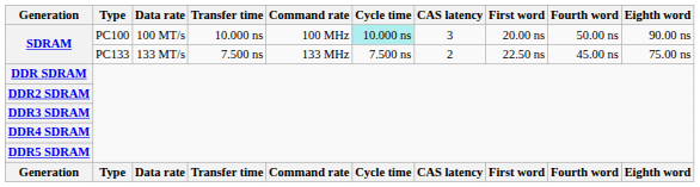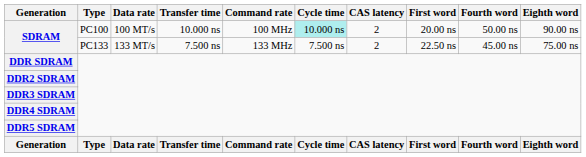 <table class="wikitable sortable">
 <tr>
 <th scope="col">Generation</th>
 <th scope="col">Type</th>
 <th scope="col" data-sort-type="number">Data rate</th>
 <th scope="col" data-sort-type="number">Transfer time</th>
 <th scope="col" data-sort-type="number">Command rate</th>
 <th scope="col" data-sort-type="number">Cycle time</th>
 <th scope="col">CAS latency</th>
 <th scope="col" data-sort-type="number">First word</th>
 <th scope="col" data-sort-type="number">Fourth word</th>
 <th scope="col" data-sort-type="number">Eighth word</th>
 </tr>
 <tr>
 <th scope="row" rowspan="2"><a href='#'>SDRAM</a> </th>
 <td>PC100</td>
 <td align=right>100 MT/s</td>
 <td align=right>10.000 ns</td>
 <td align=right>100 MHz</td>
 <td align=right style="background: paleturquoise;">10.000 ns</td>
-<td align=center>3</td>
+<td align=center>2</td>
 <td align=right>20.00 ns</td>
 <td align=right>50.00 ns</td>
 <td align=right>90.00 ns</td>
 </tr>
 <tr>
 <td>PC133</td>
 <td align=right>133 MT/s</td>
 <td align=right>7.500 ns</td>
 <td align=right>133 MHz</td>
 <td align=right>7.500 ns</td>
 <td align=center>2</td>
 <td align=right>22.50 ns</td>
 <td align=right>45.00 ns</td>
 <td align=right>75.00 ns</td>
 </tr>
 <tr>
 <th scope="row" rowspan="4"><a href='#'>DDR SDRAM</a><br> </th>
 </tr>
 <tr>
 </tr>
 <tr>
 </tr>
 <tr>
 </tr>
 <tr>
 <th scope="row" rowspan="15"><a href='#'>DDR2 SDRAM</a><br> </th>
 </tr>
 <tr>
 </tr>
 <tr>
 </tr>
 <tr>
 </tr>
 <tr>
 </tr>
 <tr>
 </tr>
 <tr>
 </tr>
 <tr>
 </tr>
 <tr>
 </tr>
 <tr>
 </tr>
 <tr>
 </tr>
 <tr>
 </tr>
 <tr>
 </tr>
 <tr>
 </tr>
 <tr>
 </tr>
 <tr>
 <th scope="row" rowspan="41"><a href='#'>DDR3 SDRAM</a><br> </th>
 </tr>
 <tr>
 </tr>
 <tr>
 </tr>
 <tr>
 </tr>
 <tr>
 </tr>
 <tr>
 </tr>
 <tr>
 </tr>
 <tr>
 </tr>
 <tr>
 </tr>
 <tr>
 </tr>
 <tr>
 </tr>
 <tr>
 </tr>
 <tr>
 </tr>
 <tr>
 </tr>
 <tr>
 </tr>
 <tr>
 </tr>
 <tr>
 </tr>
 <tr>
 </tr>
 <tr>
 </tr>
 <tr>
 </tr>
 <tr>
 </tr>
 <tr>
 </tr>
 <tr>
 </tr>
 <tr>
 </tr>
 <tr>
 </tr>
 <tr>
 </tr>
 <tr>
 </tr>
 <tr>
 </tr>
 <tr>
 </tr>
 <tr>
 </tr>
 <tr>
 </tr>
 <tr>
 </tr>
 <tr>
 </tr>
 <tr>
 </tr>
 <tr>
 </tr>
 <tr>
 </tr>
 <tr>
 </tr>
 <tr>
 </tr>
 <tr>
 </tr>
 <tr>
 </tr>
 <tr>
 </tr>
 <tr>
 <th scope="row" rowspan="63"><a href='#'>DDR4 SDRAM</a></th>
 </tr>
 <tr>
 </tr>
 <tr>
 </tr>
 <tr>
 </tr>
 <tr>
 </tr>
 <tr>
 </tr>
 <tr>
 </tr>
 <tr>
 </tr>
 <tr>
 </tr>
 <tr>
 </tr>
 <tr>
 </tr>
 <tr>
 </tr>
 <tr>
 </tr>
 <tr>
 </tr>
 <tr>
 </tr>
 <tr>
 </tr>
 <tr>
 </tr>
 <tr>
 </tr>
 <tr>
 </tr>
 <tr>
 </tr>
 <tr>
 </tr>
 <tr>
 </tr>
 <tr>
 </tr>
 <tr>
 </tr>
 <tr>
 </tr>
 <tr>
 </tr>
 <tr>
 </tr>
 <tr>
 </tr>
 <tr>
 </tr>
 <tr>
 </tr>
 <tr>
 </tr>
 <tr>
 </tr>
 <tr>
 </tr>
 <tr>
 </tr>
 <tr>
 </tr>
 <tr>
 </tr>
 <tr>
 </tr>
 <tr>
 </tr>
 <tr>
 </tr>
 <tr>
 </tr>
 <tr>
 </tr>
 <tr>
 </tr>
 <tr>
 </tr>
 <tr>
 </tr>
 <tr>
 </tr>
 <tr>
 </tr>
 <tr>
 </tr>
 <tr>
 </tr>
 <tr>
 </tr>
 <tr>
 </tr>
 <tr>
 </tr>
 <tr>
 </tr>
 <tr>
 </tr>
 <tr>
 </tr>
 <tr>
 </tr>
 <tr>
 </tr>
 <tr>
 </tr>
 <tr>
 </tr>
 <tr>
 </tr>
 <tr>
 </tr>
 <tr>
 </tr>
 <tr>
 </tr>
 <tr>
 </tr>
 <tr>
 <th scope="row" rowspan="33"><a href='#'>DDR5 SDRAM</a></th>
 </tr>
 <tr>
 </tr>
 <tr>
 </tr>
 <tr>
 </tr>
 <tr>
 </tr>
 <tr>
 </tr>
 <tr>
 </tr>
 <tr>
 </tr>
 <tr>
 </tr>
 <tr>
 </tr>
 <tr>
 </tr>
 <tr>
 </tr>
 <tr>
 </tr>
 <tr>
 </tr>
 <tr>
 </tr>
 <tr>
 </tr>
 <tr>
 </tr>
 <tr>
 </tr>
 <tr>
 </tr>
 <tr>
 </tr>
 <tr>
 </tr>
 <tr>
 </tr>
 <tr>
 </tr>
 <tr>
 </tr>
 <tr>
 </tr>
 <tr>
 </tr>
 <tr>
 </tr>
 <tr>
 </tr>
 <tr>
 </tr>
 <tr>
 </tr>
 <tr>
 </tr>
 <tr>
 </tr>
 <tr>
 </tr>
 <tr>
 <th scope="col">Generation</th>
 <th scope="col">Type</th>
 <th scope="col">Data rate</th>
 <th scope="col">Transfer time</th>
 <th scope="col">Command rate</th>
 <th scope="col">Cycle time</th>
 <th scope="col">CAS latency</th>
 <th scope="col">First word</th>
 <th scope="col">Fourth word</th>
 <th scope="col">Eighth word</th>
 </tr>
 </table>
